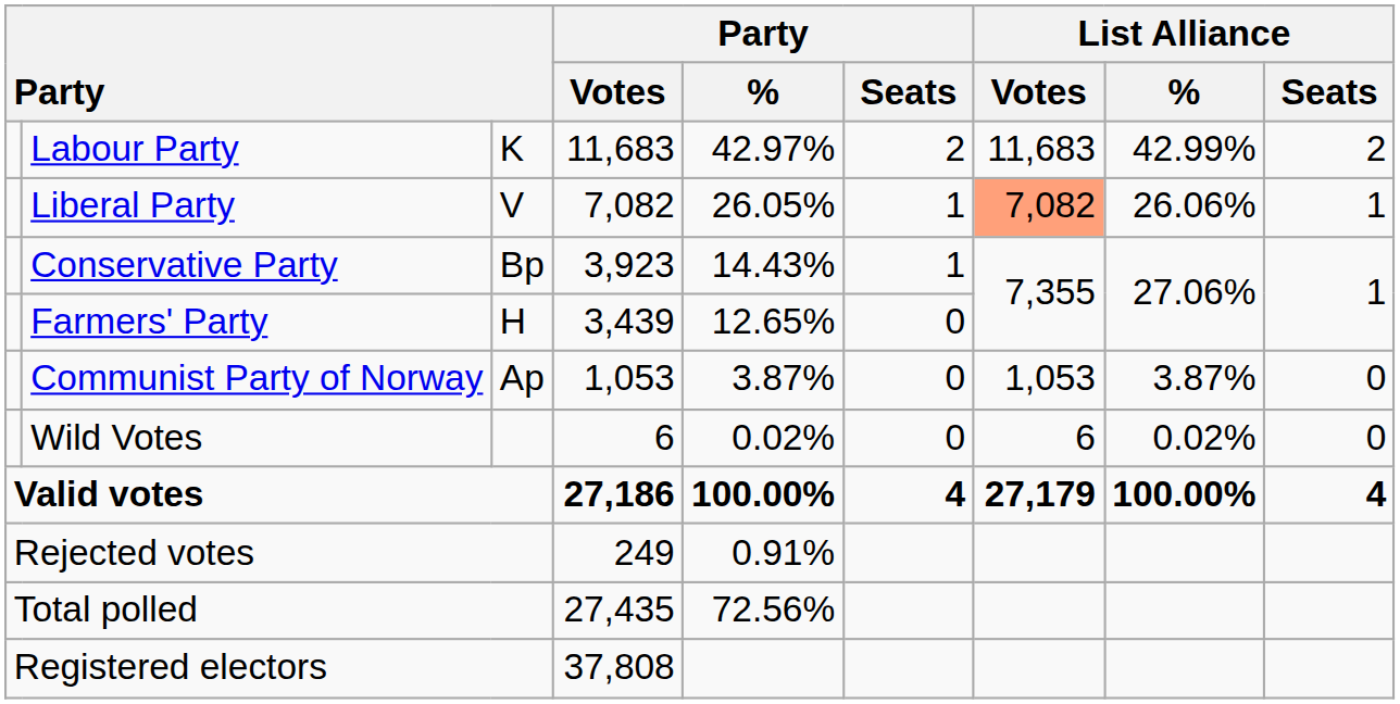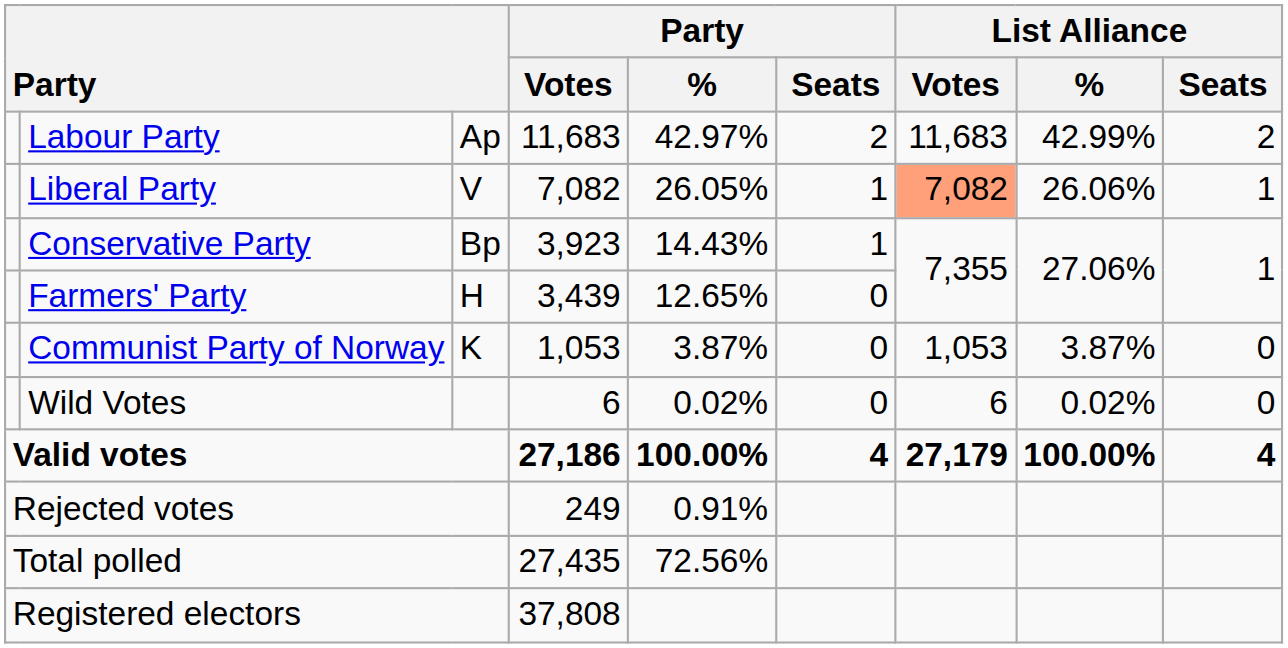 <table class="wikitable" border="1" style="text-align:right;">
 <tr>
 <th style="text-align:left;" valign=bottom rowspan=2 colspan=3>Party</th>
 <th colspan=3>Party</th>
 <th colspan=3>List Alliance</th>
 </tr>
 <tr>
 <th align=center valign=bottom width="50">Votes</th>
 <th align=center valign=bottom width="50">%</th>
 <th align=center valign=bottom width="50">Seats</th>
 <th align=center valign=bottom width="50">Votes</th>
 <th align=center valign=bottom width="50">%</th>
 <th align=center valign=bottom width="50">Seats</th>
 </tr>
 <tr>
 <td style="color:inherit;background:"></td>
 <td align=left><a href='#'>Labour Party</a></td>
-<td align=left>K</td>
+<td align=left>Ap</td>
 <td>11,683</td>
 <td>42.97%</td>
 <td>2</td>
 <td>11,683</td>
 <td>42.99%</td>
 <td>2</td>
 </tr>
 <tr>
 <td style="color:inherit;background:"></td>
 <td align=left><a href='#'>Liberal Party</a></td>
 <td align=left>V</td>
 <td>7,082</td>
 <td>26.05%</td>
 <td>1</td>
 <td style="background: lightsalmon;">7,082</td>
 <td>26.06%</td>
 <td>1</td>
 </tr>
 <tr>
 <td style="color:inherit;background:"></td>
 <td align=left><a href='#'>Conservative Party</a></td>
 <td align=left>Bp</td>
 <td>3,923</td>
 <td>14.43%</td>
 <td>1</td>
 <td rowspan=2>7,355</td>
 <td rowspan=2>27.06%</td>
 <td rowspan=2>1</td>
 </tr>
 <tr>
 <td style="color:inherit;background:"></td>
 <td align=left><a href='#'>Farmers' Party</a></td>
 <td align=left>H</td>
 <td>3,439</td>
 <td>12.65%</td>
 <td>0</td>
 </tr>
 <tr>
 <td style="color:inherit;background:"></td>
 <td align=left><a href='#'>Communist Party of Norway</a></td>
-<td align=left>Ap</td>
+<td align=left>K</td>
 <td>1,053</td>
 <td>3.87%</td>
 <td>0</td>
 <td>1,053</td>
 <td>3.87%</td>
 <td>0</td>
 </tr>
 <tr>
 <td></td>
 <td align=left>Wild Votes</td>
 <td align=left></td>
 <td>6</td>
 <td>0.02%</td>
 <td>0</td>
 <td>6</td>
 <td>0.02%</td>
 <td>0</td>
 </tr>
 <tr style="font-weight:bold">
 <td align=left colspan=3>Valid votes</td>
 <td>27,186</td>
 <td>100.00%</td>
 <td>4</td>
 <td>27,179</td>
 <td>100.00%</td>
 <td>4</td>
 </tr>
 <tr>
 <td align=left colspan=3>Rejected votes</td>
 <td>249</td>
 <td>0.91%</td>
 <td></td>
 <td></td>
 <td></td>
 <td></td>
 </tr>
 <tr>
 <td align=left colspan=3>Total polled</td>
 <td>27,435</td>
 <td>72.56%</td>
 <td></td>
 <td></td>
 <td></td>
 <td></td>
 </tr>
 <tr>
 <td align=left colspan=3>Registered electors</td>
 <td>37,808</td>
 <td></td>
 <td></td>
 <td></td>
 <td></td>
 <td></td>
 </tr>
 </table>
